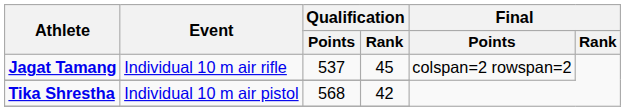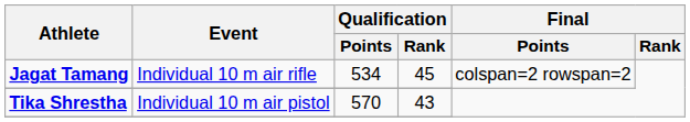 <table class="wikitable" style="font-size:90%">
 <tr>
 <th rowspan="2">Athlete</th>
 <th rowspan="2">Event</th>
 <th colspan=2>Qualification</th>
 <th colspan=2>Final</th>
 </tr>
 <tr style="font-size:95%">
 <th>Points</th>
 <th>Rank</th>
 <th>Points</th>
 <th>Rank</th>
 </tr>
 <tr align=center>
 <td align=left><strong><a href='#'>Jagat Tamang</a></strong></td>
 <td align=left><a href='#'>Individual 10 m air rifle</a></td>
-<td>537</td>
+<td>534</td>
 <td>45</td>
 <td>colspan=2 rowspan=2 </td>
 </tr>
 <tr>
 </tr>
 <tr align=center>
 <td align=left><strong><a href='#'>Tika Shrestha</a></strong></td>
 <td align=left><a href='#'>Individual 10 m air pistol</a></td>
-<td>568</td>
-<td>42</td>
+<td>570</td>
+<td>43</td>
 </tr>
 <tr>
 </tr>
 </table>
